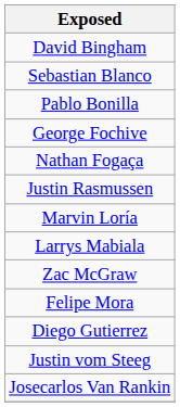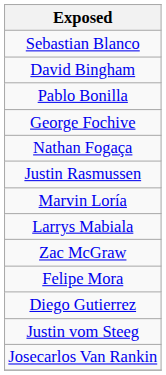 <table class="wikitable" style="text-align:center">
 <tr>
 <th>Exposed</th>
 </tr>
 <tr>
-<td><a href='#'>David Bingham</a></td>
+<td><a href='#'>Sebastian Blanco</a></td>
 </tr>
 <tr>
-<td><a href='#'>Sebastian Blanco</a></td>
+<td><a href='#'>David Bingham</a></td>
 </tr>
 <tr>
 <td><a href='#'>Pablo Bonilla</a></td>
 </tr>
 <tr>
 <td><a href='#'>George Fochive</a></td>
 </tr>
 <tr>
 <td><a href='#'>Nathan Fogaça</a></td>
 </tr>
 <tr>
 <td><a href='#'>Justin Rasmussen</a></td>
 </tr>
 <tr>
 <td><a href='#'>Marvin Loría</a></td>
 </tr>
 <tr>
 <td><a href='#'>Larrys Mabiala</a></td>
 </tr>
 <tr>
 <td><a href='#'>Zac McGraw</a></td>
 </tr>
 <tr>
 <td><a href='#'>Felipe Mora</a></td>
 </tr>
 <tr>
 <td><a href='#'>Diego Gutierrez</a></td>
 </tr>
 <tr>
 <td><a href='#'>Justin vom Steeg</a></td>
 </tr>
 <tr>
 <td><a href='#'>Josecarlos Van Rankin</a></td>
 </tr>
 <tr>
 </tr>
 </table>
